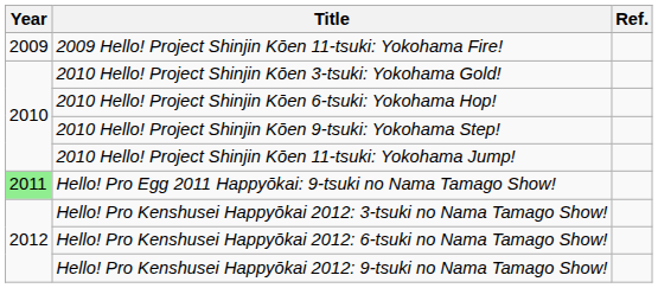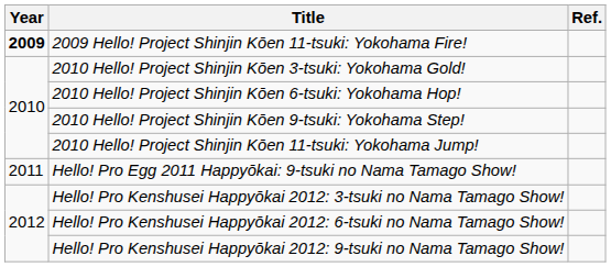 <table class="wikitable">
 <tr>
 <th>Year</th>
 <th>Title</th>
 <th>Ref.</th>
 </tr>
 <tr>
-<td>2009</td>
+<td><strong>2009</strong></td>
 <td><em>2009 Hello! Project Shinjin Kōen 11-tsuki: Yokohama Fire!</em></td>
 <td></td>
 </tr>
 <tr>
 <td rowspan="4">2010</td>
 <td><em>2010 Hello! Project Shinjin Kōen 3-tsuki: Yokohama Gold!</em></td>
 <td></td>
 </tr>
 <tr>
 <td><em>2010 Hello! Project Shinjin Kōen 6-tsuki: Yokohama Hop!</em></td>
 <td></td>
 </tr>
 <tr>
 <td><em>2010 Hello! Project Shinjin Kōen 9-tsuki: Yokohama Step!</em></td>
 <td></td>
 </tr>
 <tr>
 <td><em>2010 Hello! Project Shinjin Kōen 11-tsuki: Yokohama Jump!</em></td>
 <td></td>
 </tr>
 <tr>
-<td style="background: lightgreen;">2011</td>
+<td>2011</td>
 <td><em>Hello! Pro Egg 2011 Happyōkai: 9-tsuki no Nama Tamago Show!</em></td>
 <td></td>
 </tr>
 <tr>
 <td rowspan="3">2012</td>
 <td><em>Hello! Pro Kenshusei Happyōkai 2012: 3-tsuki no Nama Tamago Show!</em></td>
 <td></td>
 </tr>
 <tr>
 <td><em>Hello! Pro Kenshusei Happyōkai 2012: 6-tsuki no Nama Tamago Show!</em></td>
 <td></td>
 </tr>
 <tr>
 <td><em>Hello! Pro Kenshusei Happyōkai 2012: 9-tsuki no Nama Tamago Show!</em></td>
 <td></td>
 </tr>
 </table>
